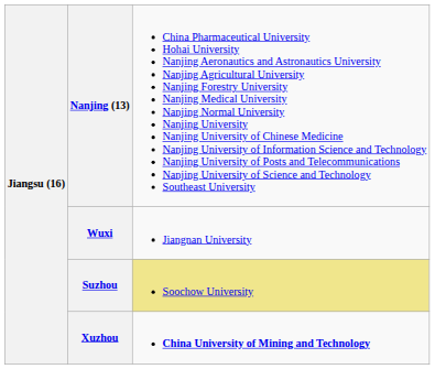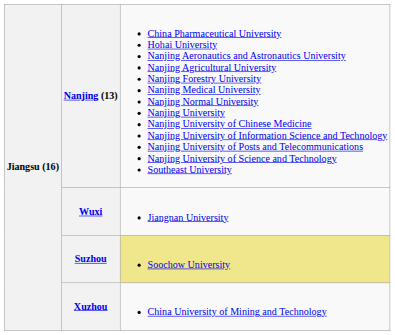 <table class="wikitable mw-collapsible">
 <tr>
 <th rowspan="4">Jiangsu (16)</th>
 <th><strong><a href='#'>Nanjing</a></strong> (13)</th>
 <td><br><ul><li><a href='#'>China Pharmaceutical University</a></li><li><a href='#'>Hohai University</a></li><li><a href='#'>Nanjing Aeronautics and Astronautics University</a></li><li><a href='#'>Nanjing Agricultural University</a></li><li><a href='#'>Nanjing Forestry University</a></li><li><a href='#'>Nanjing Medical University</a></li><li><a href='#'>Nanjing Normal University</a></li><li><a href='#'>Nanjing University</a></li><li><a href='#'>Nanjing University of Chinese Medicine</a></li><li><a href='#'>Nanjing University of Information Science and Technology</a></li><li><a href='#'>Nanjing University of Posts and Telecommunications</a></li><li><a href='#'>Nanjing University of Science and Technology</a></li><li><a href='#'>Southeast University</a></li></ul></td>
 </tr>
 <tr>
 <th><a href='#'>Wuxi</a></th>
 <td><br><ul><li><a href='#'>Jiangnan University</a></li></ul></td>
 </tr>
 <tr>
 <th><a href='#'>Suzhou</a></th>
 <td style="background: khaki;"><br><ul><li><a href='#'>Soochow University</a></li></ul></td>
 </tr>
 <tr>
 <th><a href='#'>Xuzhou</a></th>
-<td><strong><br><ul><li><a href='#'>China University of Mining and Technology</a></li></ul></strong></td>
+<td><br><ul><li><a href='#'>China University of Mining and Technology</a></li></ul></td>
 </tr>
 </table>
